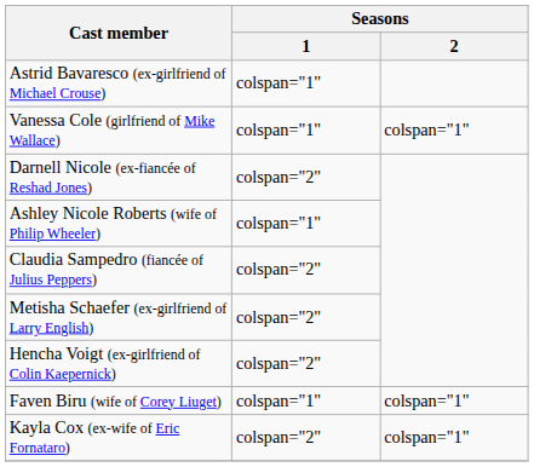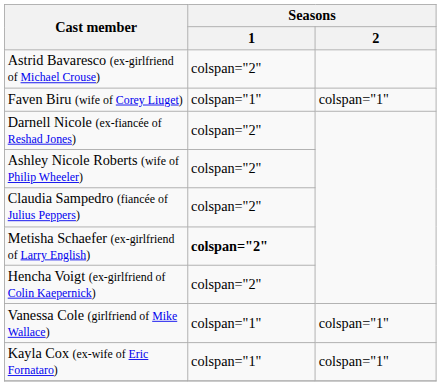 <table class="wikitable plainrowheaders" width="55%">
 <tr>
 <th scope="col" rowspan="2" style="width:8%;">Cast member</th>
 <th scope="col" colspan="2">Seasons</th>
 </tr>
 <tr>
 <th scope="col" style="width:3%;">1</th>
 <th scope="col" style="width:3%;">2</th>
 </tr>
 <tr>
 <td>Astrid Bavaresco <small> (ex-girlfriend of <a href='#'>Michael Crouse</a>)</small></td>
-<td>colspan="1" </td>
+<td>colspan="2" </td>
 </tr>
 <tr>
-<td>Vanessa Cole <small> (girlfriend of <a href='#'>Mike Wallace</a>)</small></td>
+<td>Faven Biru <small> (wife of <a href='#'>Corey Liuget</a>)</small></td>
 <td>colspan="1" </td>
 <td>colspan="1" </td>
 </tr>
 <tr>
 <td>Darnell Nicole <small> (ex-fiancée of <a href='#'>Reshad Jones</a>)</small></td>
 <td>colspan="2" </td>
 </tr>
 <tr>
 <td>Ashley Nicole Roberts <small> (wife of <a href='#'>Philip Wheeler</a>)</small></td>
-<td>colspan="1" </td>
+<td>colspan="2" </td>
 </tr>
 <tr>
 <td>Claudia Sampedro <small> (fiancée of <a href='#'>Julius Peppers</a>)</small></td>
 <td>colspan="2" </td>
 </tr>
 <tr>
 <td>Metisha Schaefer <small> (ex-girlfriend of <a href='#'>Larry English</a>)</small></td>
-<td>colspan="2" </td>
+<td><strong>colspan="2" </strong></td>
 </tr>
 <tr>
 <td>Hencha Voigt <small> (ex-girlfriend of <a href='#'>Colin Kaepernick</a>)</small></td>
 <td>colspan="2" </td>
 </tr>
 <tr>
-<td>Faven Biru <small> (wife of <a href='#'>Corey Liuget</a>)</small></td>
+<td>Vanessa Cole <small> (girlfriend of <a href='#'>Mike Wallace</a>)</small></td>
 <td>colspan="1" </td>
 <td>colspan="1" </td>
 </tr>
 <tr>
 <td>Kayla Cox <small> (ex-wife of <a href='#'>Eric Fornataro</a>)</small></td>
-<td>colspan="2" </td>
+<td>colspan="1" </td>
 <td>colspan="1" </td>
 </tr>
 <tr>
 </tr>
 </table>
